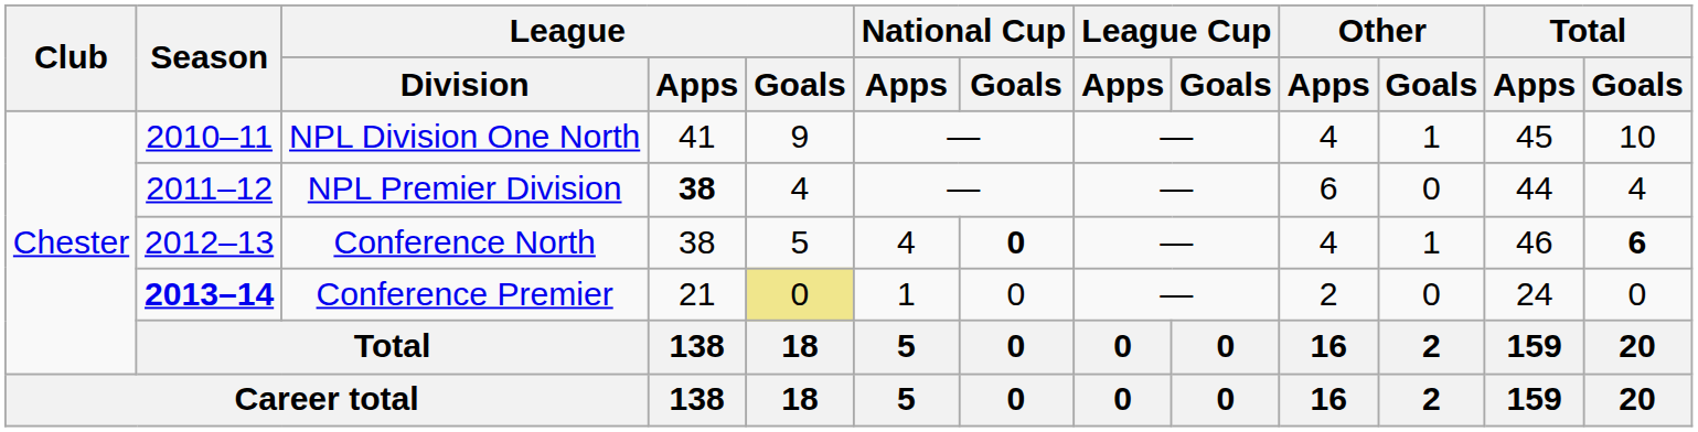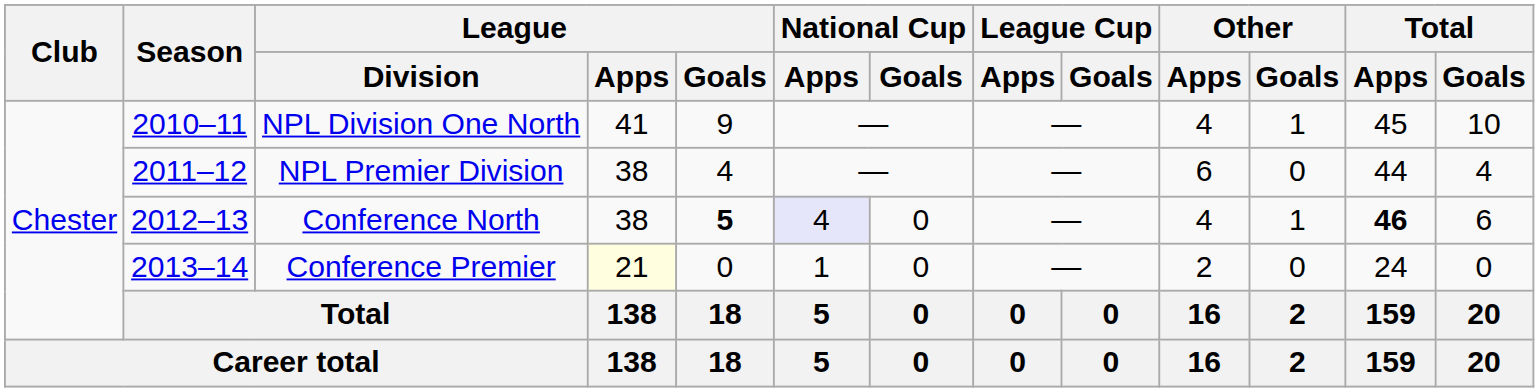 <table class="wikitable" style="text-align:center">
 <tr>
 <th rowspan=2>Club</th>
 <th rowspan=2>Season</th>
 <th colspan=3>League</th>
 <th colspan=2>National Cup</th>
 <th colspan=2>League Cup</th>
 <th colspan=2>Other</th>
 <th colspan=2>Total</th>
 </tr>
 <tr>
 <th>Division</th>
 <th>Apps</th>
 <th>Goals</th>
 <th>Apps</th>
 <th>Goals</th>
 <th>Apps</th>
 <th>Goals</th>
 <th>Apps</th>
 <th>Goals</th>
 <th>Apps</th>
 <th>Goals</th>
 </tr>
 <tr>
 <td rowspan=5><a href='#'>Chester</a></td>
 <td><a href='#'>2010–11</a></td>
 <td><a href='#'>NPL Division One North</a></td>
 <td>41</td>
 <td>9</td>
 <td colspan=2>—</td>
 <td colspan=2>—</td>
 <td>4</td>
 <td>1</td>
 <td>45</td>
 <td>10</td>
 </tr>
 <tr>
 <td><a href='#'>2011–12</a></td>
 <td><a href='#'>NPL Premier Division</a></td>
-<td><strong>38</strong></td>
+<td>38</td>
 <td>4</td>
 <td colspan=2>—</td>
 <td colspan=2>—</td>
 <td>6</td>
 <td>0</td>
 <td>44</td>
 <td>4</td>
 </tr>
 <tr>
 <td><a href='#'>2012–13</a></td>
 <td><a href='#'>Conference North</a></td>
 <td>38</td>
-<td>5</td>
-<td>4</td>
-<td><strong>0</strong></td>
+<td><strong>5</strong></td>
+<td style="background: lavender;">4</td>
+<td>0</td>
 <td colspan=2>—</td>
 <td>4</td>
 <td>1</td>
-<td>46</td>
-<td><strong>6</strong></td>
+<td><strong>46</strong></td>
+<td>6</td>
 </tr>
 <tr>
-<td><strong><a href='#'>2013–14</a></strong></td>
+<td><a href='#'>2013–14</a></td>
 <td><a href='#'>Conference Premier</a></td>
-<td>21</td>
-<td style="background: khaki;">0</td>
+<td style="background: lightyellow;">21</td>
+<td>0</td>
 <td>1</td>
 <td>0</td>
 <td colspan=2>—</td>
 <td>2</td>
 <td>0</td>
 <td>24</td>
 <td>0</td>
 </tr>
 <tr>
 <th colspan=2>Total</th>
 <th>138</th>
 <th>18</th>
 <th>5</th>
 <th>0</th>
 <th>0</th>
 <th>0</th>
 <th>16</th>
 <th>2</th>
 <th>159</th>
 <th>20</th>
 </tr>
 <tr>
 <th colspan=3>Career total</th>
 <th>138</th>
 <th>18</th>
 <th>5</th>
 <th>0</th>
 <th>0</th>
 <th>0</th>
 <th>16</th>
 <th>2</th>
 <th>159</th>
 <th>20</th>
 </tr>
 </table>
